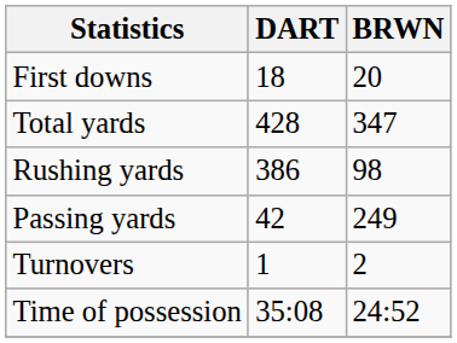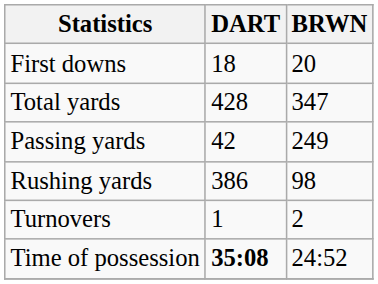 <table class="wikitable">
 <tr>
 <th>Statistics</th>
 <th>DART</th>
 <th>BRWN</th>
 </tr>
 <tr>
 <td>First downs</td>
 <td>18</td>
 <td>20</td>
 </tr>
 <tr>
 <td>Total yards</td>
 <td>428</td>
 <td>347</td>
 </tr>
 <tr>
+<td>Passing yards</td>
+<td>42</td>
+<td>249</td>
+</tr>
+<tr>
 <td>Rushing yards</td>
 <td>386</td>
 <td>98</td>
-</tr>
-<tr>
-<td>Passing yards</td>
-<td>42</td>
-<td>249</td>
 </tr>
 <tr>
 <td>Turnovers</td>
 <td>1</td>
 <td>2</td>
 </tr>
 <tr>
 <td>Time of possession</td>
-<td>35:08</td>
+<td><strong>35:08</strong></td>
 <td>24:52</td>
 </tr>
 <tr>
 </tr>
 </table>
